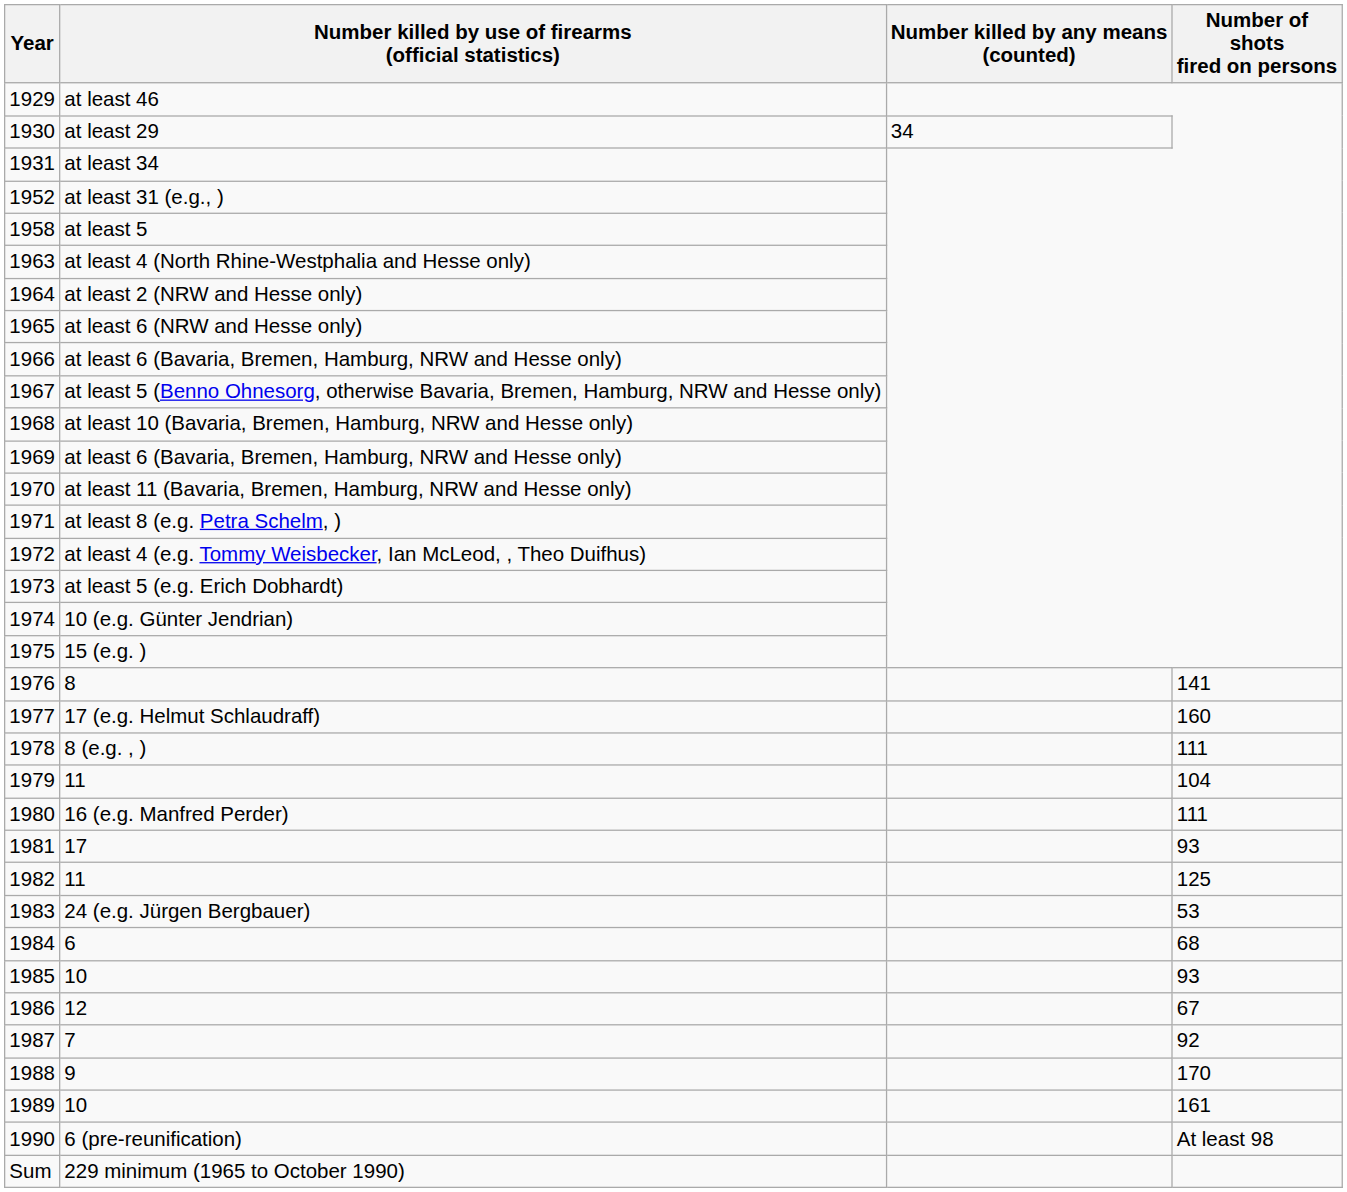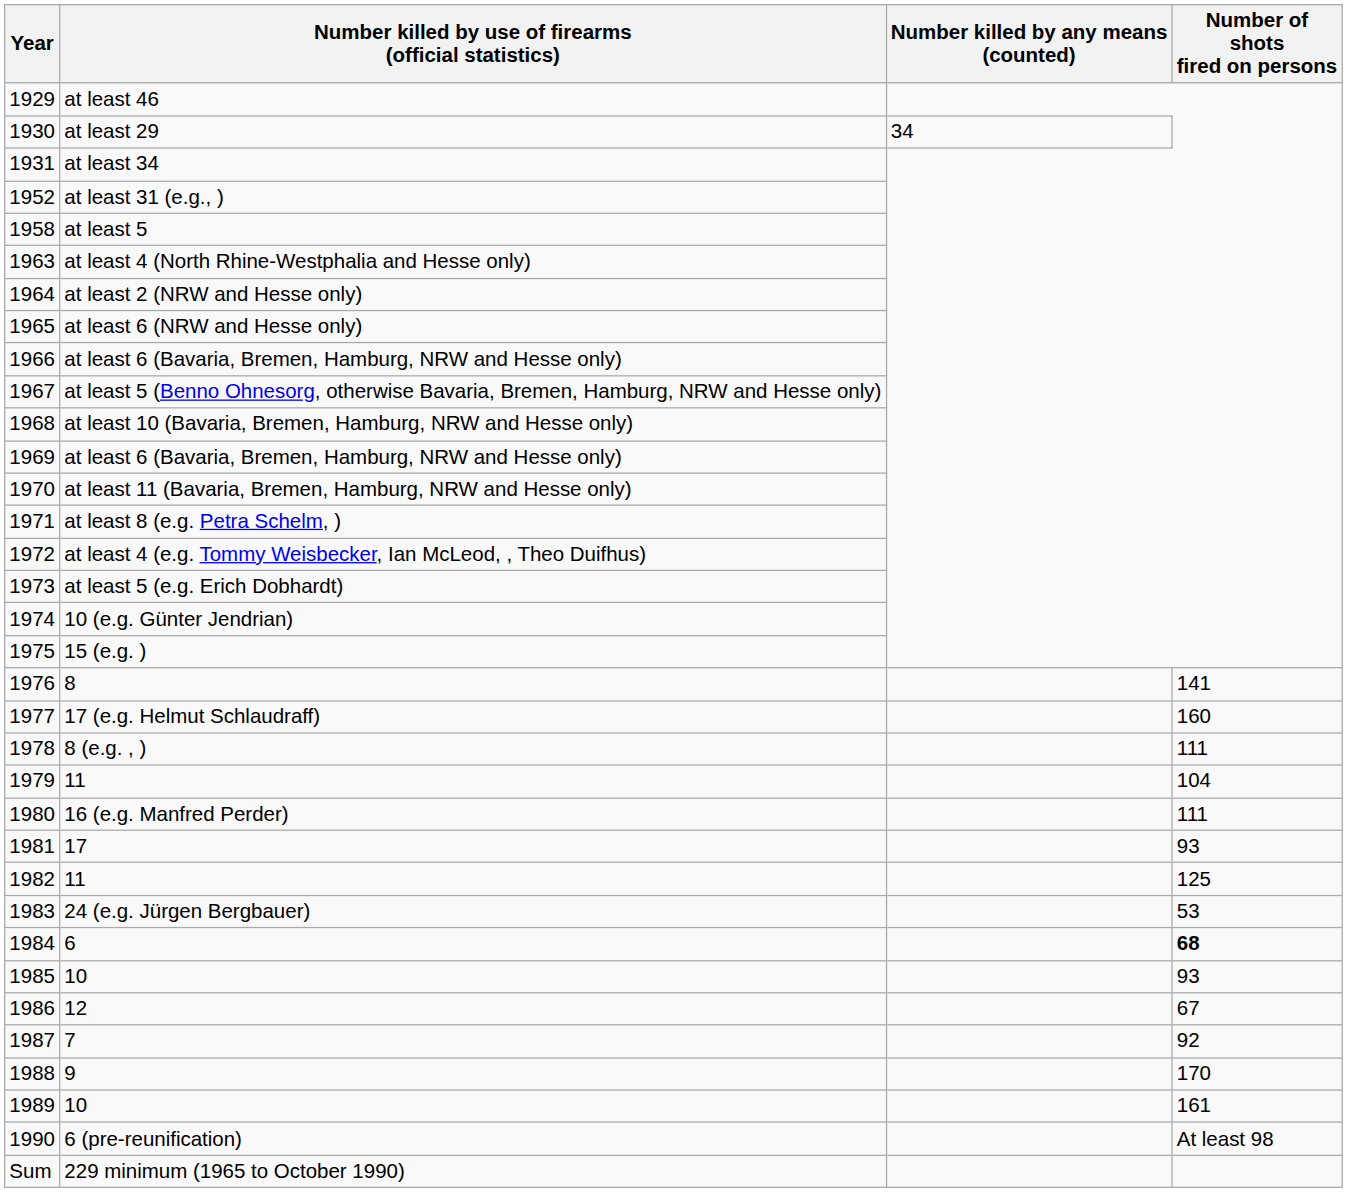 <table class="wikitable sortable static-row-numbers static-row-header-text">
 <tr -->
 <th>Year</th>
 <th>Number killed by use of firearms<br>(official statistics)</th>
 <th>Number killed by any means<br>(counted)</th>
 <th>Number of<br>shots<br> fired on persons</th>
 </tr>
 <tr>
 <td>1929</td>
 <td>at least 46</td>
 </tr>
 <tr>
 <td>1930</td>
 <td>at least 29</td>
 <td>34</td>
 </tr>
 <tr>
 <td>1931</td>
 <td>at least 34</td>
 </tr>
 <tr -->
 <td>1952</td>
 <td>at least 31 (e.g., )</td>
 </tr>
 <tr>
 <td>1958</td>
 <td>at least 5</td>
 </tr>
 <tr -->
 <td>1963</td>
 <td>at least 4 (North Rhine-Westphalia and Hesse only)</td>
 </tr>
 <tr -->
 <td>1964</td>
 <td>at least 2 (NRW and Hesse only)</td>
 </tr>
 <tr -->
 <td>1965</td>
 <td>at least 6 (NRW and Hesse only)</td>
 </tr>
 <tr -->
 <td>1966</td>
 <td>at least 6 (Bavaria, Bremen, Hamburg, NRW and Hesse only)</td>
 </tr>
 <tr -->
 <td>1967</td>
 <td>at least 5 (<a href='#'>Benno Ohnesorg</a>, otherwise Bavaria, Bremen, Hamburg, NRW and Hesse only)</td>
 </tr>
 <tr -->
 <td>1968</td>
 <td>at least 10 (Bavaria, Bremen, Hamburg, NRW and Hesse only)</td>
 </tr>
 <tr -->
 <td>1969</td>
 <td>at least 6 (Bavaria, Bremen, Hamburg, NRW and Hesse only)</td>
 </tr>
 <tr -->
 <td>1970</td>
 <td>at least 11 (Bavaria, Bremen, Hamburg, NRW and Hesse only)</td>
 </tr>
 <tr -->
 <td>1971</td>
 <td>at least 8 (e.g. <a href='#'>Petra Schelm</a>, )</td>
 </tr>
 <tr -->
 <td>1972</td>
 <td>at least 4 (e.g. <a href='#'>Tommy Weisbecker</a>, Ian McLeod, , Theo Duifhus)</td>
 </tr>
 <tr -->
 <td>1973</td>
 <td>at least 5 (e.g. Erich Dobhardt)</td>
 </tr>
 <tr -->
 <td>1974</td>
 <td>10 (e.g. Günter Jendrian)</td>
 </tr>
 <tr -->
 <td>1975</td>
 <td>15 (e.g. )</td>
 </tr>
 <tr -->
 <td>1976</td>
 <td>8 </td>
 <td></td>
 <td>141</td>
 </tr>
 <tr -->
 <td>1977</td>
 <td>17 (e.g. Helmut Schlaudraff) </td>
 <td></td>
 <td>160</td>
 </tr>
 <tr -->
 <td>1978</td>
 <td>8 (e.g. , )</td>
 <td></td>
 <td>111</td>
 </tr>
 <tr -->
 <td>1979</td>
 <td>11</td>
 <td></td>
 <td>104</td>
 </tr>
 <tr -->
 <td>1980</td>
 <td>16 (e.g. Manfred Perder)</td>
 <td></td>
 <td>111</td>
 </tr>
 <tr -->
 <td>1981</td>
 <td>17 </td>
 <td></td>
 <td>93</td>
 </tr>
 <tr -->
 <td>1982</td>
 <td>11</td>
 <td></td>
 <td>125</td>
 </tr>
 <tr -->
 <td>1983</td>
 <td>24 (e.g. Jürgen Bergbauer)</td>
 <td></td>
 <td>53</td>
 </tr>
 <tr -->
 <td>1984</td>
 <td>6</td>
 <td></td>
-<td>68</td>
+<td><strong>68</strong></td>
 </tr>
 <tr -->
 <td>1985</td>
 <td>10</td>
 <td></td>
 <td>93</td>
 </tr>
 <tr -->
 <td>1986</td>
 <td>12</td>
 <td></td>
 <td>67</td>
 </tr>
 <tr -->
 <td>1987</td>
 <td>7</td>
 <td></td>
 <td>92</td>
 </tr>
 <tr -->
 <td>1988</td>
 <td>9</td>
 <td></td>
 <td>170</td>
 </tr>
 <tr -->
 <td>1989</td>
 <td>10</td>
 <td></td>
 <td>161</td>
 </tr>
 <tr -->
 <td>1990</td>
 <td>6 (pre-reunification)</td>
 <td></td>
 <td>At least 98</td>
 </tr>
 <tr -->
 <td>Sum</td>
 <td>229 minimum (1965 to October 1990)</td>
 <td></td>
 <td></td>
 </tr>
 </table>
